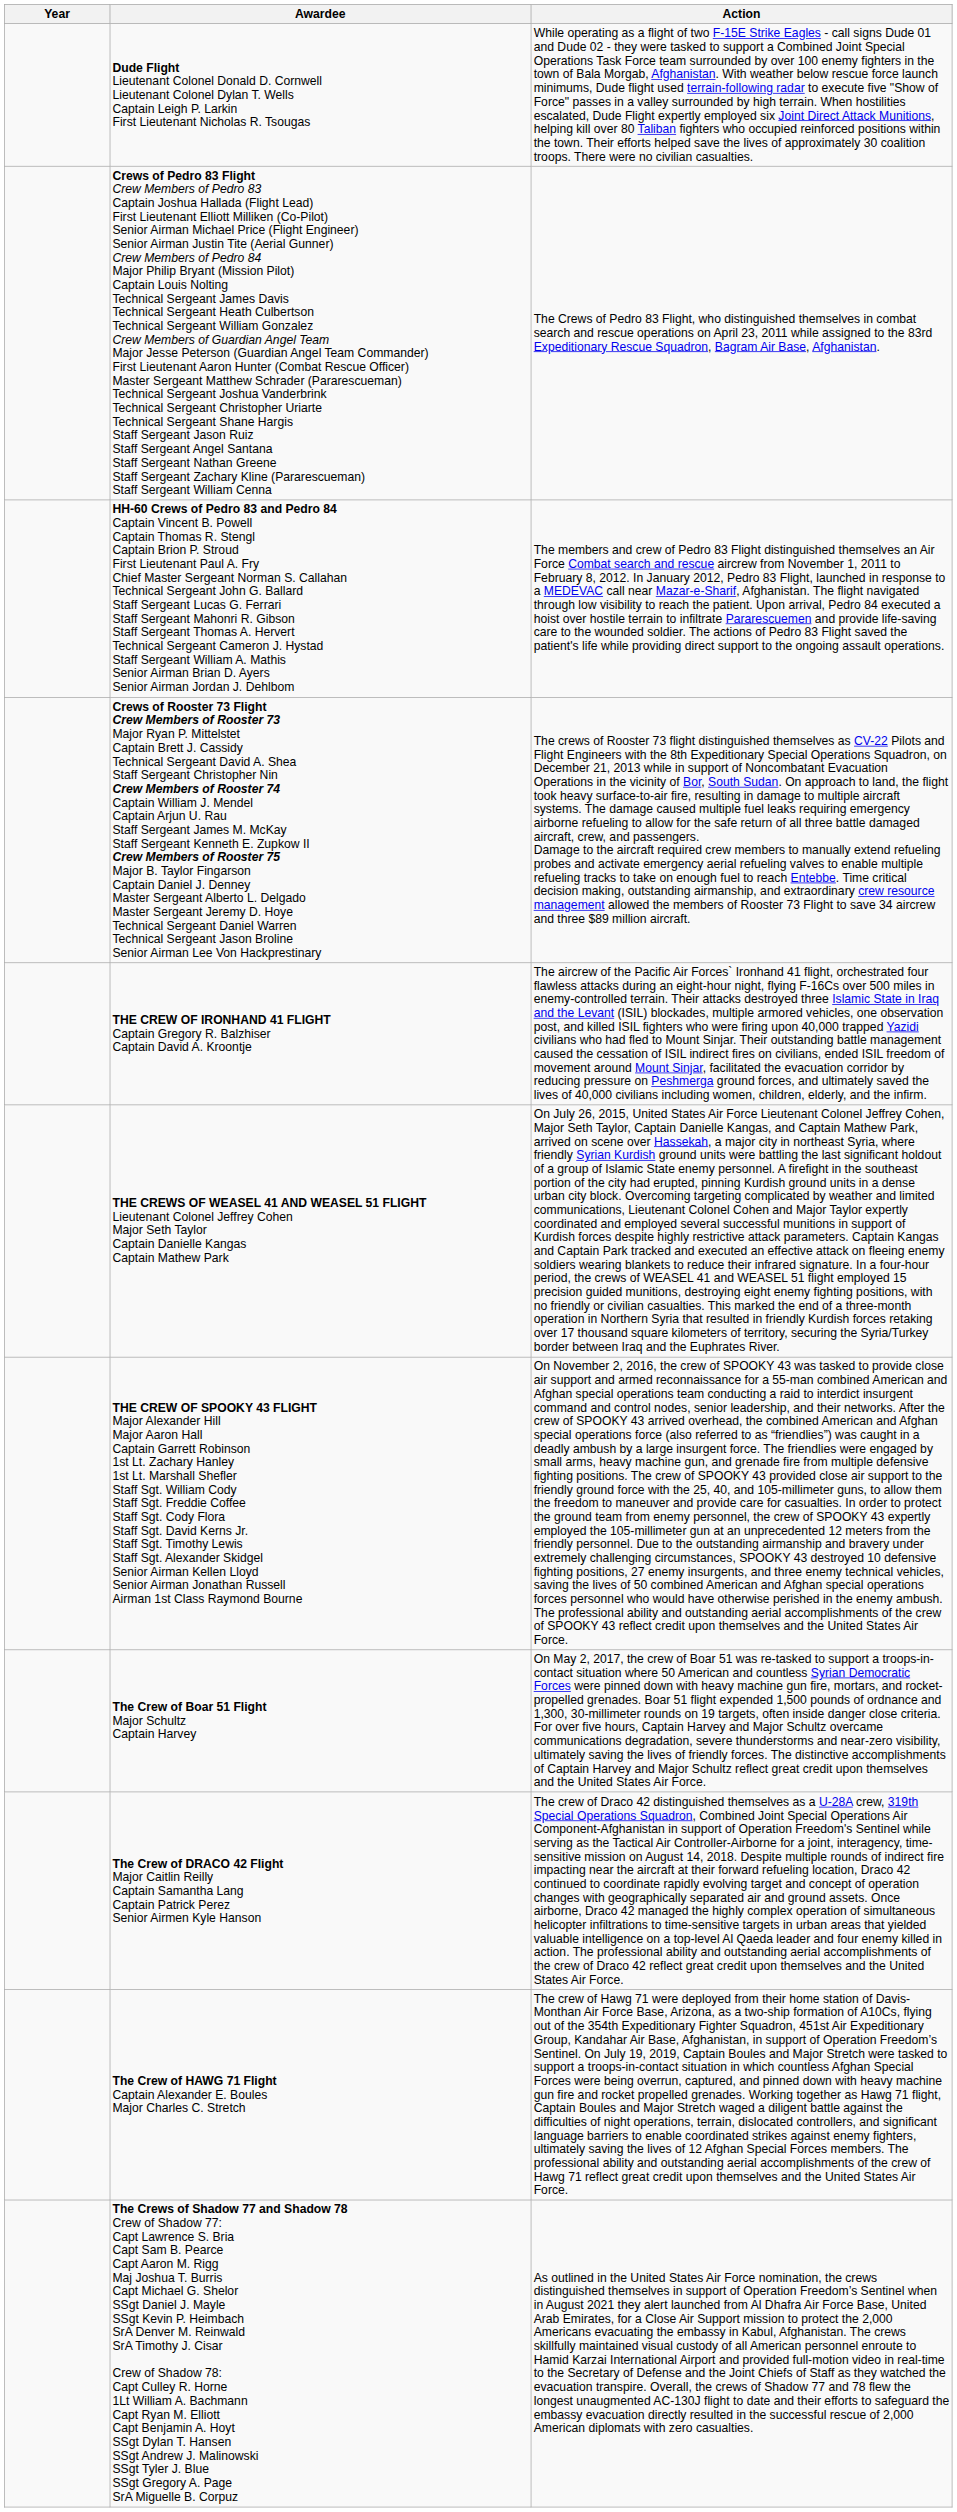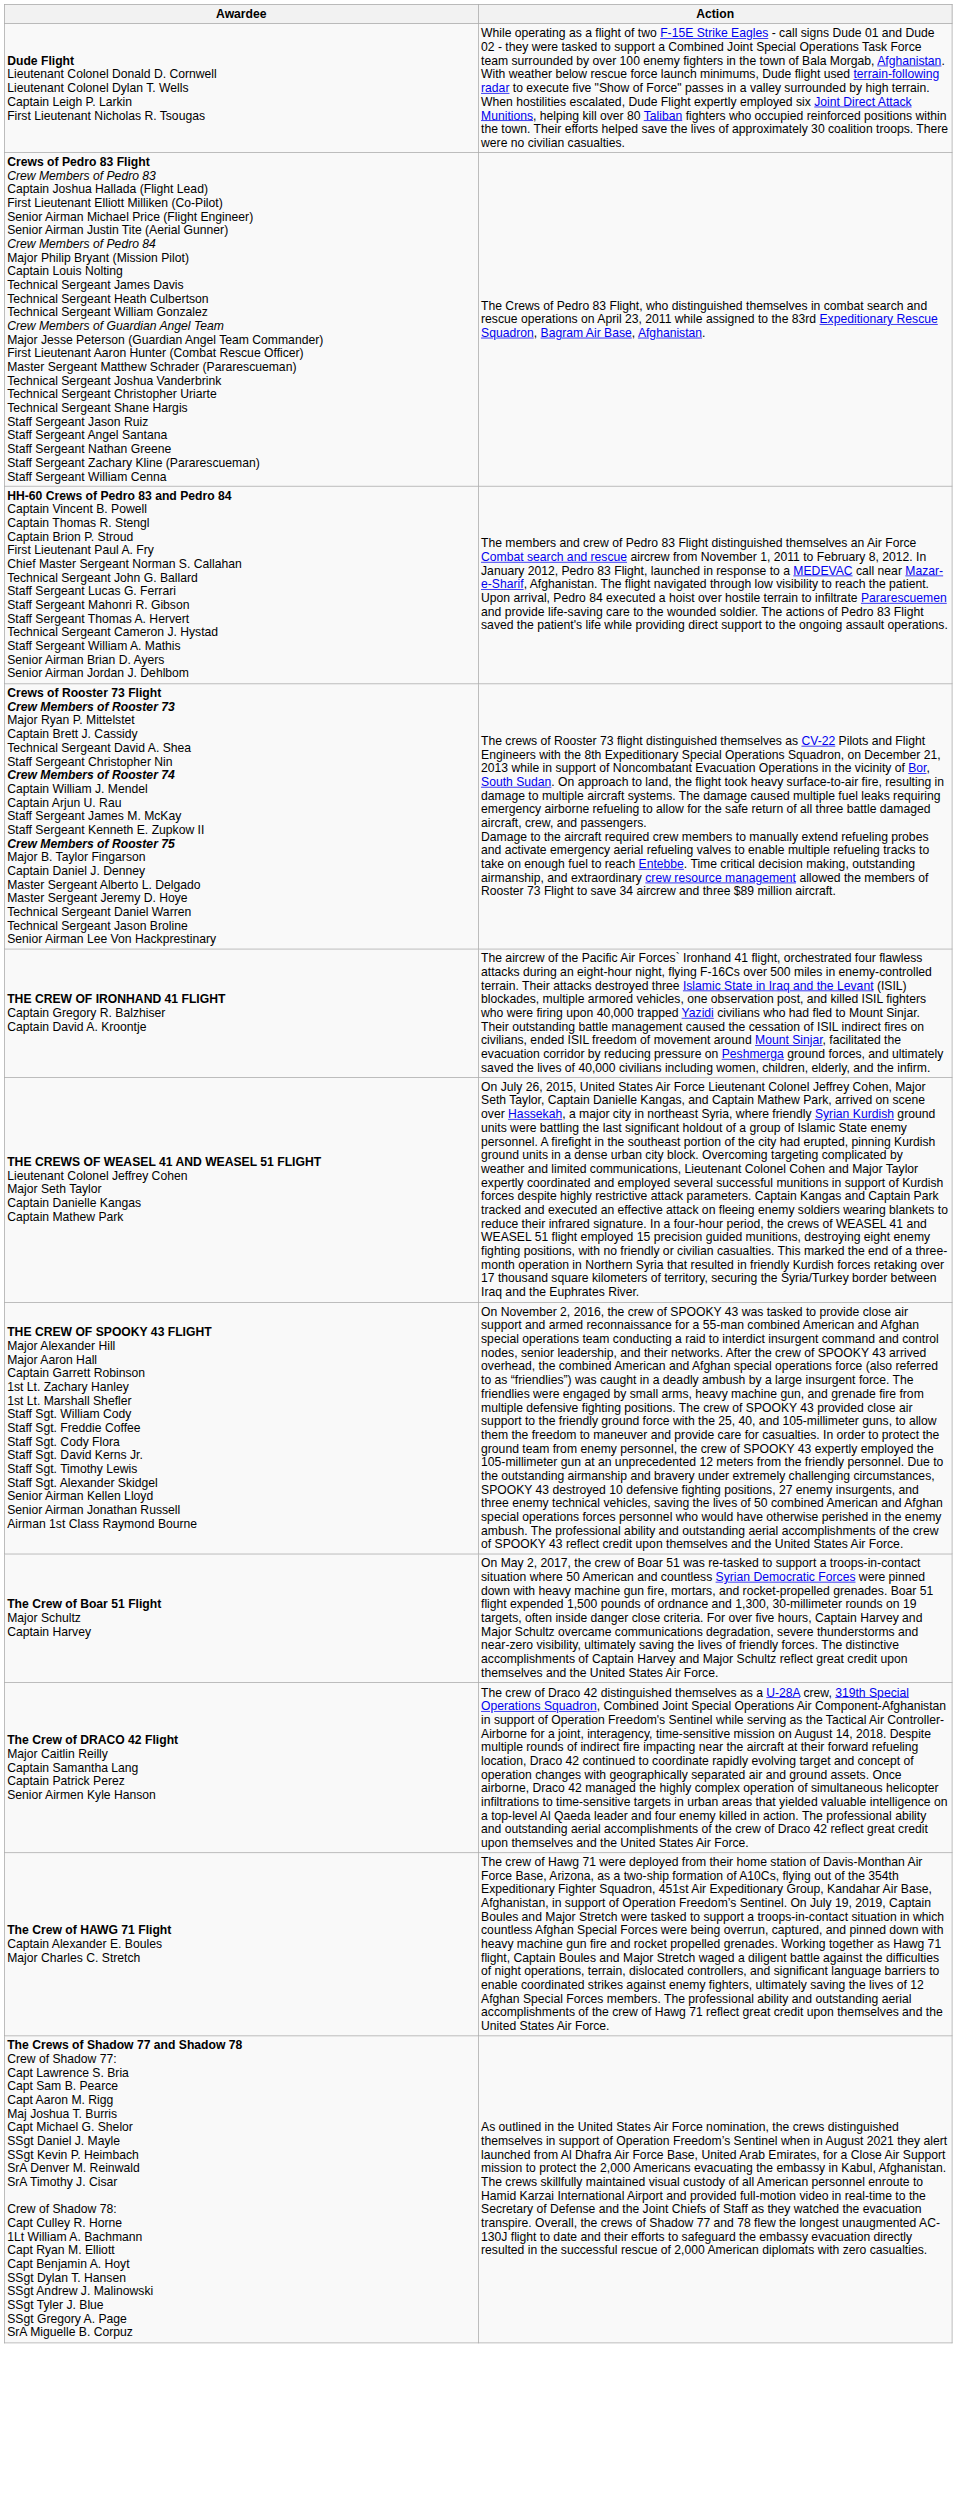 <table class=wikitable>
 <tr style="background:#CCCCCC">
-<th width="5%">Year</th>
 <th width=20%>Awardee</th>
 <th width=20%>Action</th>
 </tr>
 <tr>
-<td></td>
 <td><strong>Dude Flight</strong><br>Lieutenant Colonel Donald D. Cornwell<br>Lieutenant Colonel Dylan T. Wells<br>Captain Leigh P. Larkin<br>First Lieutenant Nicholas R. Tsougas</td>
 <td>While operating as a flight of two <a href='#'>F-15E Strike Eagles</a> - call signs Dude 01 and Dude 02 - they were tasked to support a Combined Joint Special Operations Task Force team surrounded by over 100 enemy fighters in the town of Bala Morgab, <a href='#'>Afghanistan</a>. With weather below rescue force launch minimums, Dude flight used <a href='#'>terrain-following radar</a> to execute five "Show of Force" passes in a valley surrounded by high terrain. When hostilities escalated, Dude Flight expertly employed six <a href='#'>Joint Direct Attack Munitions</a>, helping kill over 80 <a href='#'>Taliban</a> fighters who occupied reinforced positions within the town. Their efforts helped save the lives of approximately 30 coalition troops. There were no civilian casualties.</td>
 </tr>
 <tr>
-<td></td>
 <td><strong>Crews of Pedro 83 Flight</strong><br><em>Crew Members of Pedro 83</em><br>Captain Joshua Hallada (Flight Lead)<br>First Lieutenant Elliott Milliken (Co-Pilot)<br>Senior Airman Michael Price (Flight Engineer)<br>Senior Airman Justin Tite (Aerial Gunner)<br><em>Crew Members of Pedro 84</em><br>Major Philip Bryant (Mission Pilot)<br>Captain Louis Nolting<br>Technical Sergeant James Davis<br>Technical Sergeant Heath Culbertson<br>Technical Sergeant William Gonzalez<br><em>Crew Members of Guardian Angel Team</em><br>Major Jesse Peterson (Guardian Angel Team Commander)<br>First Lieutenant Aaron Hunter (Combat Rescue Officer)<br>Master Sergeant Matthew Schrader (Pararescueman)<br>Technical Sergeant Joshua Vanderbrink<br>Technical Sergeant Christopher Uriarte<br>Technical Sergeant Shane Hargis<br>Staff Sergeant Jason Ruiz<br>Staff Sergeant Angel Santana<br>Staff Sergeant Nathan Greene<br>Staff Sergeant Zachary Kline (Pararescueman)<br>Staff Sergeant William Cenna</td>
 <td>The Crews of Pedro 83 Flight, who distinguished themselves in combat search and rescue operations on April 23, 2011 while assigned to the 83rd <a href='#'>Expeditionary Rescue Squadron</a>, <a href='#'>Bagram Air Base</a>, <a href='#'>Afghanistan</a>.</td>
 </tr>
 <tr>
-<td></td>
 <td><strong>HH-60 Crews of Pedro 83 and Pedro 84</strong><br>Captain Vincent B. Powell<br>Captain Thomas R. Stengl<br>Captain Brion P. Stroud<br>First Lieutenant Paul A. Fry<br>Chief Master Sergeant Norman S. Callahan<br>Technical Sergeant John G. Ballard<br>Staff Sergeant Lucas G. Ferrari<br>Staff Sergeant Mahonri R. Gibson<br>Staff Sergeant Thomas A. Hervert<br>Technical Sergeant Cameron J. Hystad<br>Staff Sergeant William A. Mathis<br>Senior Airman Brian D. Ayers<br>Senior Airman Jordan J. Dehlbom</td>
 <td>The members and crew of Pedro 83 Flight distinguished themselves an Air Force <a href='#'>Combat search and rescue</a> aircrew from November 1, 2011 to February 8, 2012. In January 2012, Pedro 83 Flight, launched in response to a <a href='#'>MEDEVAC</a> call near <a href='#'>Mazar-e-Sharif</a>, Afghanistan. The flight navigated through low visibility to reach the patient. Upon arrival, Pedro 84 executed a hoist over hostile terrain to infiltrate <a href='#'>Pararescuemen</a> and provide life-saving care to the wounded soldier. The actions of Pedro 83 Flight saved the patient's life while providing direct support to the ongoing assault operations.</td>
 </tr>
 <tr>
-<td></td>
 <td><strong>Crews of Rooster 73 Flight</strong><br><strong><em>Crew Members of Rooster 73</em></strong><br>Major Ryan P. Mittelstet<br>Captain Brett J. Cassidy<br>Technical Sergeant David A. Shea<br>Staff Sergeant Christopher Nin<br><strong><em>Crew Members of Rooster 74</em></strong><br>Captain William J. Mendel<br>Captain Arjun U. Rau<br>Staff Sergeant James M. McKay<br>Staff Sergeant Kenneth E. Zupkow II<br><strong><em>Crew Members of Rooster 75</em></strong><br>Major B. Taylor Fingarson<br>Captain Daniel J. Denney<br>Master Sergeant Alberto L. Delgado<br>Master Sergeant Jeremy D. Hoye<br>Technical Sergeant Daniel Warren<br>Technical Sergeant Jason Broline<br>Senior Airman Lee Von Hackprestinary</td>
 <td>The crews of Rooster 73 flight distinguished themselves as <a href='#'>CV-22</a> Pilots and Flight Engineers with the 8th Expeditionary Special Operations Squadron, on December 21, 2013 while in support of Noncombatant Evacuation Operations in the vicinity of <a href='#'>Bor</a>, <a href='#'>South Sudan</a>. On approach to land, the flight took heavy surface-to-air fire, resulting in damage to multiple aircraft systems. The damage caused multiple fuel leaks requiring emergency airborne refueling to allow for the safe return of all three battle damaged aircraft, crew, and passengers.<br>Damage to the aircraft required crew members to manually extend refueling probes and activate emergency aerial refueling valves to enable multiple refueling tracks to take on enough fuel to reach <a href='#'>Entebbe</a>. Time critical decision making, outstanding airmanship, and extraordinary <a href='#'>crew resource management</a> allowed the members of Rooster 73 Flight to save 34 aircrew and three $89 million aircraft.</td>
 </tr>
 <tr>
-<td></td>
 <td><strong>THE CREW OF IRONHAND 41 FLIGHT</strong><br>Captain Gregory R. Balzhiser<br> Captain David A. Kroontje</td>
 <td>The aircrew of the Pacific Air Forces` Ironhand 41 flight, orchestrated four flawless attacks during an eight-hour night, flying F-16Cs over 500 miles in enemy-controlled terrain.  Their attacks destroyed three <a href='#'>Islamic State in Iraq and the Levant</a> (ISIL) blockades, multiple armored vehicles, one observation post, and killed ISIL fighters who were firing upon 40,000 trapped <a href='#'>Yazidi</a> civilians who had fled to Mount Sinjar.  Their outstanding battle management caused the cessation of ISIL indirect fires on civilians, ended ISIL freedom of movement around <a href='#'>Mount Sinjar</a>, facilitated the evacuation corridor by reducing pressure on <a href='#'>Peshmerga</a> ground forces, and ultimately saved the lives of 40,000 civilians including women, children, elderly, and the infirm.</td>
 </tr>
 <tr>
-<td></td>
 <td><strong>THE CREWS OF WEASEL 41 AND WEASEL 51 FLIGHT</strong><br>Lieutenant Colonel Jeffrey Cohen<br> Major Seth Taylor<br> Captain Danielle Kangas<br> Captain Mathew Park<br></td>
 <td>On July 26, 2015, United States Air Force Lieutenant Colonel Jeffrey Cohen, Major Seth Taylor, Captain Danielle Kangas, and Captain Mathew Park, arrived on scene over <a href='#'>Hassekah</a>, a major city in northeast Syria, where friendly <a href='#'>Syrian Kurdish</a> ground units were battling the last significant holdout of a group of Islamic State enemy personnel.  A firefight in the southeast portion of the city had erupted, pinning Kurdish ground units in a dense urban city block.  Overcoming targeting complicated by weather and limited communications, Lieutenant Colonel Cohen and Major Taylor expertly coordinated and employed several successful munitions in support of Kurdish forces despite highly restrictive attack parameters. Captain Kangas and Captain Park tracked and executed an effective attack on fleeing enemy soldiers wearing blankets to reduce their infrared signature.  In a four-hour period, the crews of WEASEL 41 and WEASEL 51 flight employed 15 precision guided munitions, destroying eight enemy fighting positions, with no friendly or civilian casualties. This marked the end of a three-month operation in Northern Syria that resulted in friendly Kurdish forces retaking over 17 thousand square kilometers of territory, securing the Syria/Turkey border between Iraq and the Euphrates River.</td>
 </tr>
 <tr>
-<td></td>
 <td><strong>THE CREW OF SPOOKY 43 FLIGHT</strong><br>Major Alexander Hill<br> Major Aaron Hall<br> Captain Garrett Robinson<br> 1st Lt. Zachary Hanley<br> 1st Lt. Marshall Shefler<br> Staff Sgt. William Cody<br> Staff Sgt. Freddie Coffee<br> Staff Sgt. Cody Flora<br> Staff Sgt. David Kerns Jr.<br> Staff Sgt. Timothy Lewis<br> Staff Sgt. Alexander Skidgel<br> Senior Airman Kellen Lloyd<br> Senior Airman Jonathan Russell<br> Airman 1st Class Raymond Bourne</td>
 <td>On November 2, 2016, the crew of SPOOKY 43 was tasked to provide close air support and armed reconnaissance for a 55-man combined American and Afghan special operations team conducting a raid to interdict insurgent command and control nodes, senior leadership, and their networks.  After the crew of SPOOKY 43 arrived overhead, the combined American and Afghan special operations force (also referred to as “friendlies”) was caught in a deadly ambush by a large insurgent force.  The friendlies were engaged by small arms, heavy machine gun, and grenade fire from multiple defensive fighting positions.  The crew of SPOOKY 43 provided close air support to the friendly ground force with the 25, 40, and 105-millimeter guns, to allow them the freedom to maneuver and provide care for casualties.  In order to protect the ground team from enemy personnel, the crew of SPOOKY 43 expertly employed the 105-millimeter gun at an unprecedented 12 meters from the friendly personnel.  Due to the outstanding airmanship and bravery under extremely challenging circumstances, SPOOKY 43 destroyed 10 defensive fighting positions, 27 enemy insurgents, and three enemy technical vehicles, saving the lives of 50 combined American and Afghan special operations forces personnel who would have otherwise perished in the enemy ambush. The professional ability and outstanding aerial accomplishments of the crew of SPOOKY 43 reflect credit upon themselves and the United States Air Force.</td>
 </tr>
 <tr>
-<td></td>
 <td><strong> The Crew of Boar 51 Flight</strong><br>Major Schultz<br> Captain Harvey</td>
 <td>On May 2, 2017, the crew of Boar 51 was re-tasked to support a troops-in-contact situation where 50 American and countless <a href='#'>Syrian Democratic Forces</a> were pinned down with heavy machine gun fire, mortars, and rocket-propelled grenades. Boar 51 flight expended 1,500 pounds of ordnance and 1,300, 30-millimeter rounds on 19 targets, often inside danger close criteria. For over five hours, Captain Harvey and Major Schultz overcame communications degradation, severe thunderstorms and near-zero visibility, ultimately saving the lives of friendly forces. The distinctive accomplishments of Captain Harvey and Major Schultz reflect great credit upon themselves and the United States Air Force.</td>
 </tr>
 <tr>
-<td></td>
 <td><strong>The Crew of DRACO 42 Flight</strong><br>Major Caitlin Reilly<br> Captain Samantha Lang<br> Captain Patrick Perez<br> Senior Airmen Kyle Hanson</td>
 <td>The crew of Draco 42 distinguished themselves as a <a href='#'>U-28A</a> crew, <a href='#'>319th Special Operations Squadron</a>, Combined Joint Special Operations Air Component-Afghanistan in support of Operation Freedom's Sentinel while serving as the Tactical Air Controller-Airborne for a joint, interagency, time-sensitive mission on August 14, 2018. Despite multiple rounds of indirect fire impacting near the aircraft at their forward refueling location, Draco 42 continued to coordinate rapidly evolving target and concept of operation changes with geographically separated air and ground assets. Once airborne, Draco 42 managed the highly complex operation of simultaneous helicopter infiltrations to time-sensitive targets in urban areas that yielded valuable intelligence on a top-level Al Qaeda leader and four enemy killed in action. The professional ability and outstanding aerial accomplishments of the crew of Draco 42 reflect great credit upon themselves and the United States Air Force.</td>
 </tr>
 <tr>
-<td></td>
 <td><strong>The Crew of HAWG 71 Flight</strong><br>Captain Alexander E. Boules<br> Major Charles C. Stretch</td>
 <td>The crew of Hawg 71 were deployed from their home station of Davis-Monthan Air Force Base, Arizona, as a two-ship formation of A10Cs, flying out of the 354th Expeditionary Fighter Squadron, 451st Air Expeditionary Group, Kandahar Air Base, Afghanistan, in support of Operation Freedom’s Sentinel. On July 19, 2019, Captain Boules and Major Stretch were tasked to support a troops-in-contact situation in which countless Afghan Special Forces were being overrun, captured, and pinned down with heavy machine gun fire and rocket propelled grenades. Working together as Hawg 71 flight, Captain Boules and Major Stretch waged a diligent battle against the difficulties of night operations, terrain, dislocated controllers, and significant language barriers to enable coordinated strikes against enemy fighters, ultimately saving the lives of 12 Afghan Special Forces members. The professional ability and outstanding aerial accomplishments of the crew of Hawg 71 reflect great credit upon themselves and the United States Air Force.</td>
 </tr>
 <tr>
-<td></td>
 <td><strong>The Crews of Shadow 77 and Shadow 78</strong><br>Crew of Shadow 77:<br> Capt Lawrence S. Bria<br> Capt Sam B. Pearce<br> Capt Aaron M. Rigg<br> Maj Joshua T. Burris<br> Capt Michael G. Shelor<br> SSgt Daniel J. Mayle<br> SSgt Kevin P. Heimbach<br> SrA Denver M. Reinwald<br> SrA Timothy J. Cisar<br><br>Crew of Shadow 78:<br> Capt Culley R. Horne<br> 1Lt William A. Bachmann<br> Capt Ryan M. Elliott<br> Capt Benjamin A. Hoyt<br> SSgt Dylan T. Hansen<br> SSgt Andrew J. Malinowski<br> SSgt Tyler J. Blue<br> SSgt Gregory A. Page<br> SrA Miguelle B. Corpuz</td>
 <td>As outlined in the United States Air Force nomination, the crews distinguished themselves in support of Operation Freedom’s Sentinel when in August 2021 they alert launched from Al Dhafra Air Force Base, United Arab Emirates, for a Close Air Support mission to protect the 2,000 Americans evacuating the embassy in Kabul, Afghanistan. The crews skillfully maintained visual custody of all American personnel enroute to Hamid Karzai International Airport and provided full-motion video in real-time to the Secretary of Defense and the Joint Chiefs of Staff as they watched the evacuation transpire. Overall, the crews of Shadow 77 and 78 flew the longest unaugmented AC-130J flight to date and their efforts to safeguard the embassy evacuation directly resulted in the successful rescue of 2,000 American diplomats with zero casualties.</td>
 </tr>
 </table>
